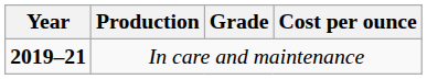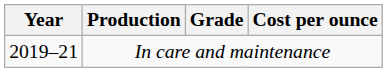 <table class="wikitable">
 <tr style="text-align:center;">
 <th>Year</th>
 <th>Production</th>
 <th>Grade</th>
 <th>Cost per ounce</th>
 </tr>
 <tr style="text-align:center;">
-<td><strong>2019–21</strong></td>
+<td>2019–21</td>
 <td colspan=3><em>In care and maintenance</em></td>
 </tr>
 </table>
